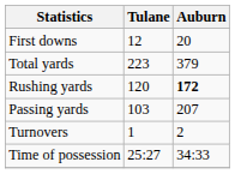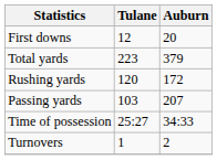 <table class="wikitable" style="float: left;">
 <tr>
 <th>Statistics</th>
 <th>Tulane</th>
 <th>Auburn</th>
 </tr>
 <tr>
 <td>First downs</td>
 <td>12</td>
 <td>20</td>
 </tr>
 <tr>
 <td>Total yards</td>
 <td>223</td>
 <td>379</td>
 </tr>
 <tr>
 <td>Rushing yards</td>
 <td>120</td>
-<td><strong>172</strong></td>
+<td>172</td>
 </tr>
 <tr>
 <td>Passing yards</td>
 <td>103</td>
 <td>207</td>
 </tr>
 <tr>
+<td>Time of possession</td>
+<td>25:27</td>
+<td>34:33</td>
+</tr>
+<tr>
 <td>Turnovers</td>
 <td>1</td>
 <td>2</td>
 </tr>
 <tr>
-<td>Time of possession</td>
-<td>25:27</td>
-<td>34:33</td>
-</tr>
-<tr>
 </tr>
 </table>
